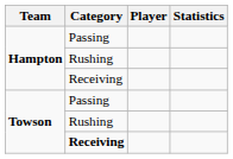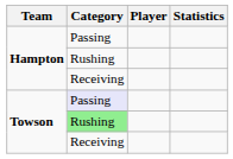 <table class="wikitable" style="float: right;">
 <tr>
 <th>Team</th>
 <th>Category</th>
 <th>Player</th>
 <th>Statistics</th>
 </tr>
 <tr>
 <td rowspan=3><strong>Hampton</strong></td>
 <td>Passing</td>
 <td></td>
 <td></td>
 </tr>
 <tr>
 <td>Rushing</td>
 <td></td>
 <td></td>
 </tr>
 <tr>
 <td>Receiving</td>
 <td></td>
 <td></td>
 </tr>
 <tr>
 <td rowspan=3><strong>Towson</strong></td>
-<td>Passing</td>
+<td style="background: lavender;">Passing</td>
 <td></td>
 <td></td>
 </tr>
 <tr>
-<td>Rushing</td>
+<td style="background: lightgreen;">Rushing</td>
 <td></td>
 <td></td>
 </tr>
 <tr>
-<td><strong>Receiving</strong></td>
+<td>Receiving</td>
 <td></td>
 <td></td>
 </tr>
 </table>
